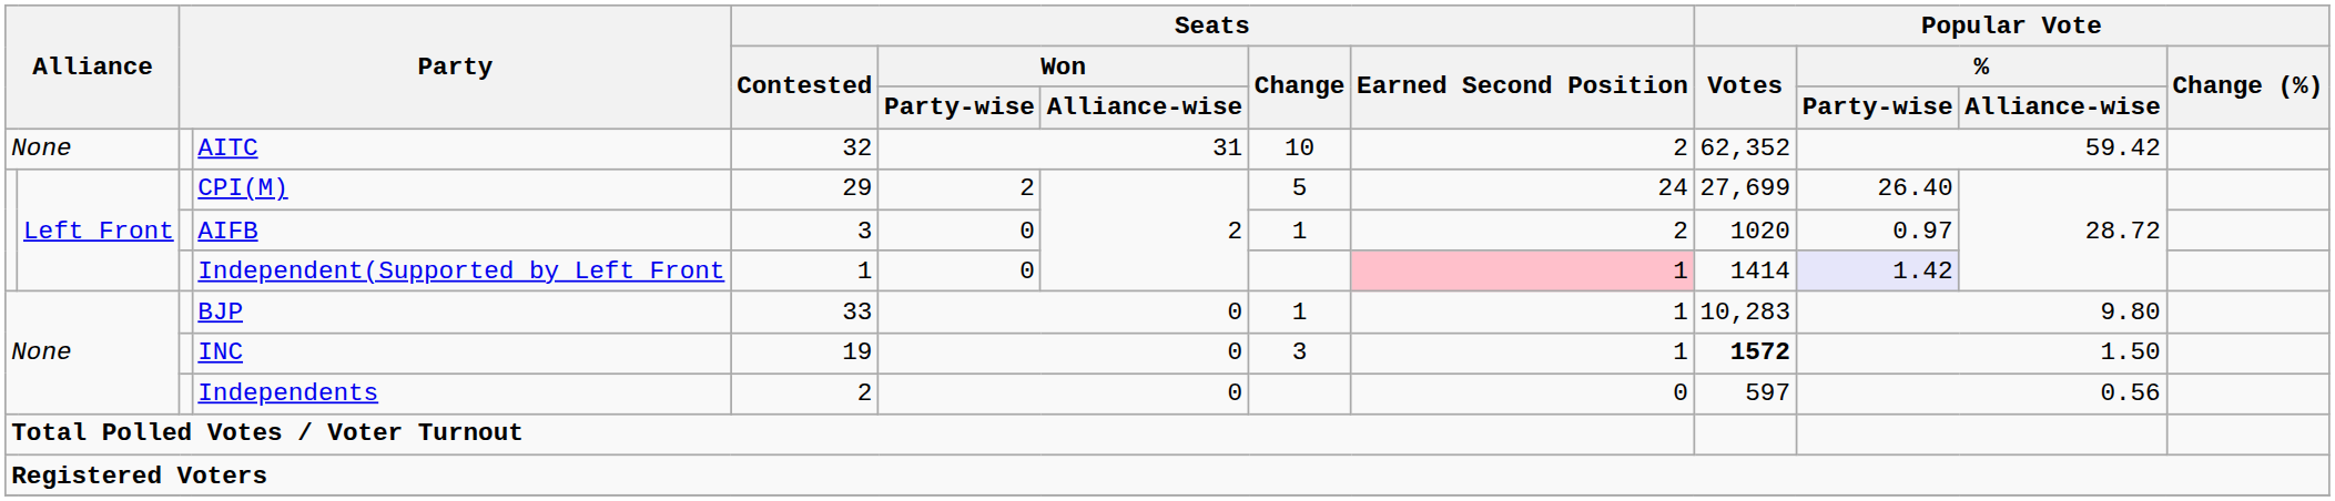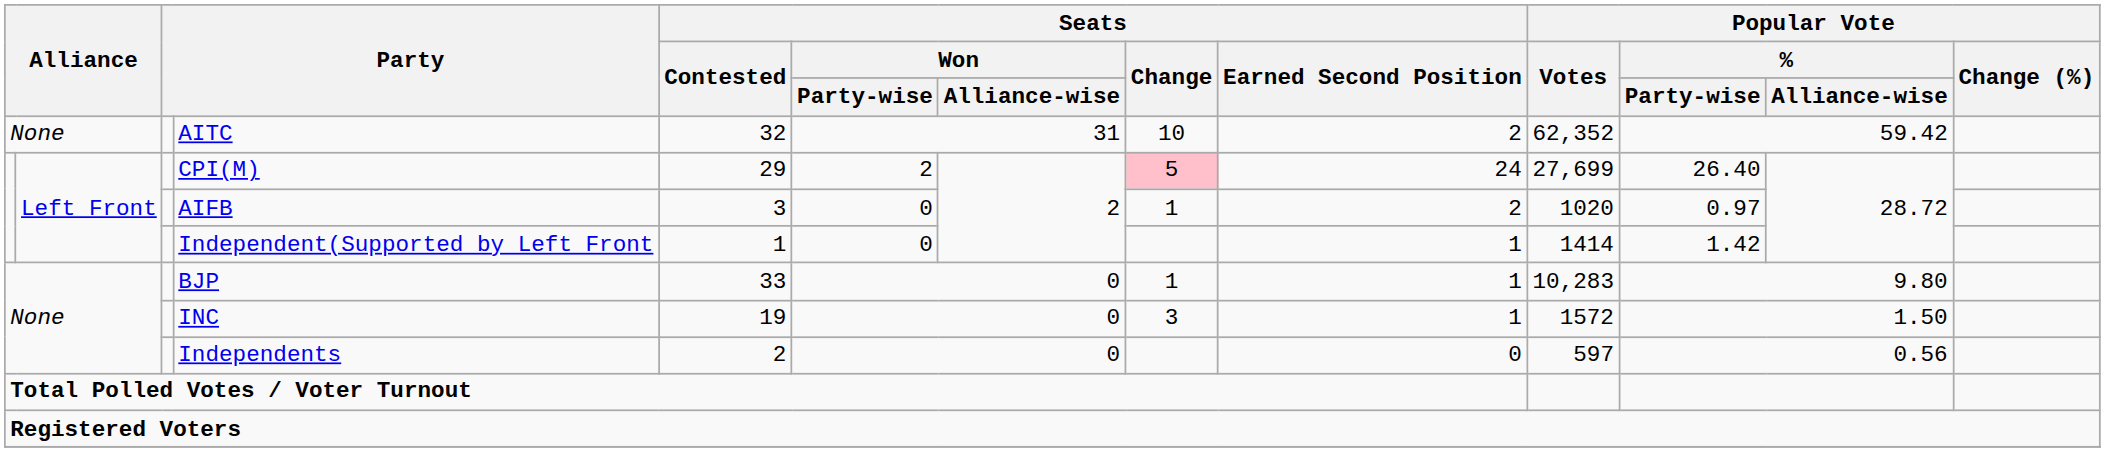 <table class="wikitable">
 <tr>
 <th colspan="2" rowspan="3">Alliance</th>
 <th colspan="2" rowspan="3">Party</th>
 <th colspan="5" rowspan="1">Seats</th>
 <th colspan="4" rowspan="1">Popular Vote</th>
 </tr>
 <tr>
 <th rowspan="2">Contested</th>
 <th colspan="2">Won</th>
 <th rowspan="2">Change</th>
 <th rowspan="2">Earned Second Position</th>
 <th rowspan="2">Votes</th>
 <th colspan="2">%</th>
 <th rowspan="2">Change (%)</th>
 </tr>
 <tr>
 <th>Party-wise</th>
 <th>Alliance-wise</th>
 <th>Party-wise</th>
 <th>Alliance-wise</th>
 </tr>
 <tr>
 <td colspan="2" rowspan="1"><em>None</em></td>
 <td style="background-color: "></td>
 <td><a href='#'>AITC</a></td>
 <td style="text-align:right">32</td>
 <td colspan="2" style="text-align:right">31</td>
 <td style="text-align:center"> 10</td>
 <td style="text-align:right">2</td>
 <td style="text-align:right">62,352</td>
 <td colspan="2" style="text-align:right">59.42</td>
 <td style="text-align:center"></td>
 </tr>
 <tr>
 <td colspan="1" rowspan="3" style="background-color: "></td>
 <td rowspan="3"><a href='#'>Left Front</a></td>
 <td style="background-color: "></td>
 <td><a href='#'>CPI(M)</a></td>
 <td style="text-align:right">29</td>
 <td style="text-align:right">2</td>
 <td rowspan="3" style="text-align:right">2</td>
-<td style="text-align:center"> 5</td>
+<td style="background: pink; text-align:center"> 5</td>
 <td style="text-align:right">24</td>
 <td style="text-align:right">27,699</td>
 <td style="text-align:right">26.40</td>
 <td rowspan="3" style="text-align:right">28.72</td>
 <td style="text-align:center"></td>
 </tr>
 <tr>
 <td style="background-color: "></td>
 <td><a href='#'>AIFB</a></td>
 <td style="text-align:right">3</td>
 <td style="text-align:right">0</td>
 <td style="text-align:center"> 1</td>
 <td style="text-align:right">2</td>
 <td style="text-align:right">1020</td>
 <td style="text-align:right">0.97</td>
 <td style="text-align:center"></td>
 </tr>
 <tr>
 <td style="background-color: "></td>
 <td><a href='#'>Independent(Supported by Left Front</a></td>
 <td style="text-align:right">1</td>
 <td style="text-align:right">0</td>
 <td style="text-align:center"></td>
-<td style="background: pink; text-align:right">1</td>
+<td style="text-align:right">1</td>
 <td style="text-align:right">1414</td>
-<td style="background: lavender; text-align:right">1.42</td>
+<td style="text-align:right">1.42</td>
 <td style="text-align:center"></td>
 </tr>
 <tr>
 <td colspan="2" rowspan="3"><em>None</em></td>
 <td style="background-color: "></td>
 <td><a href='#'>BJP</a></td>
 <td style="text-align:right">33</td>
 <td colspan="2" style="text-align:right">0</td>
 <td style="text-align:center"> 1</td>
 <td style="text-align:right">1</td>
 <td style="text-align:right">10,283</td>
 <td colspan="2" style="text-align:right">9.80</td>
 <td style="text-align:center"></td>
 </tr>
 <tr>
 <td style="background-color: "></td>
 <td><a href='#'>INC</a></td>
 <td style="text-align:right">19</td>
 <td colspan="2" style="text-align:right">0</td>
 <td style="text-align:center"> 3</td>
 <td style="text-align:right">1</td>
-<td style="text-align:right"><strong>1572</strong></td>
+<td style="text-align:right">1572</td>
 <td colspan="2" style="text-align:right">1.50</td>
 <td style="text-align:center"></td>
 </tr>
 <tr>
 <td style="background-color: "></td>
 <td><a href='#'>Independents</a></td>
 <td style="text-align:right">2</td>
 <td colspan="2" style="text-align:right">0</td>
 <td style="text-align:center"></td>
 <td style="text-align:right">0</td>
 <td style="text-align:right">597</td>
 <td colspan="2" style="text-align:right">0.56</td>
 <td style="text-align:center"></td>
 </tr>
 <tr>
 <td colspan="9"><strong>Total Polled Votes / Voter Turnout</strong></td>
 <td style="text-align:right"><strong> </strong></td>
 <td colspan="2" style="text-align:right"><strong> </strong></td>
 </tr>
 <tr>
 <td colspan="14"><strong>Registered Voters</strong></td>
 </tr>
 <tr>
 </tr>
 </table>
